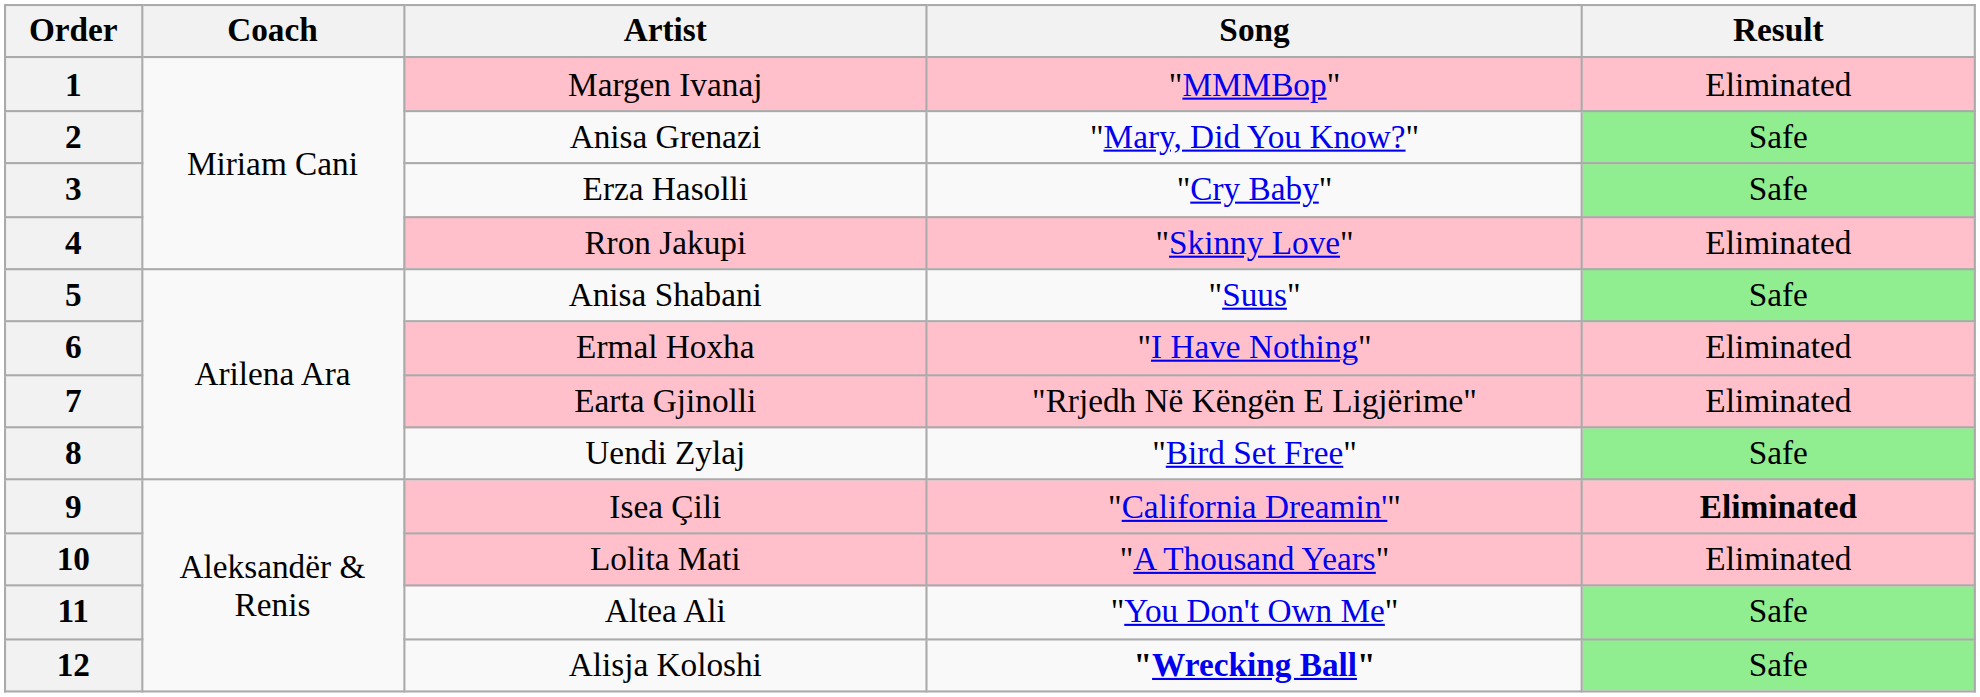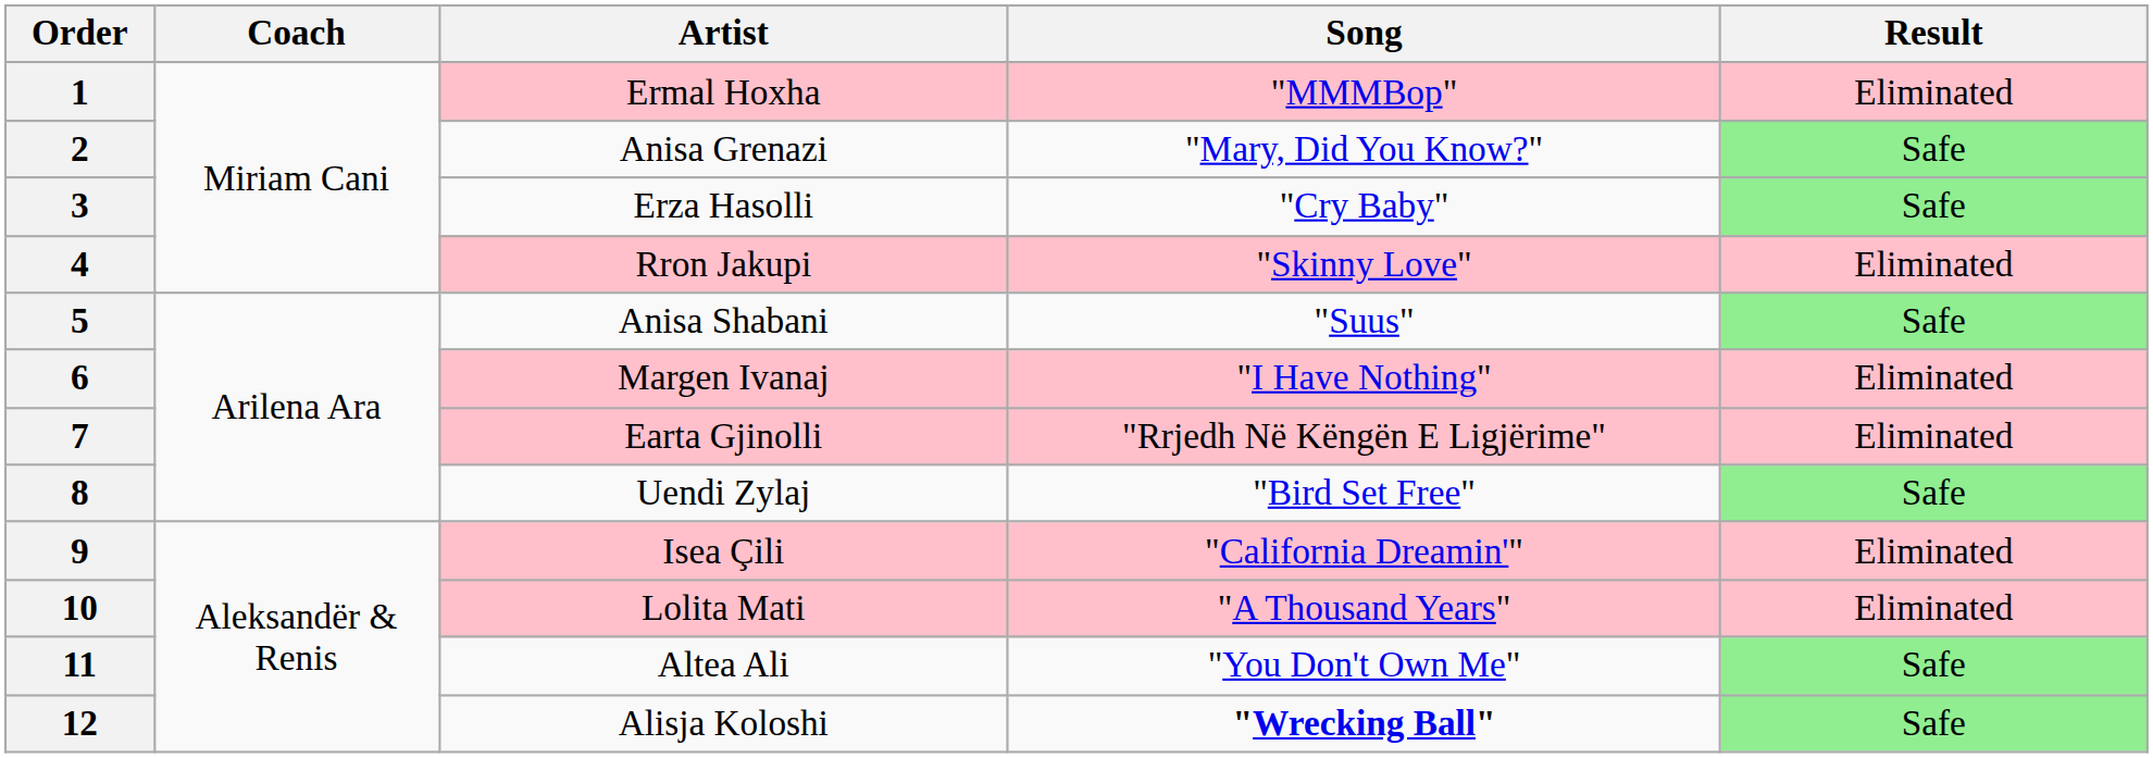 <table class="wikitable" style="text-align:center; width:75%;">
 <tr>
 <th width="05%">Order</th>
 <th width="10%">Coach</th>
 <th width="20%">Artist</th>
 <th width="25%">Song</th>
 <th width="15%">Result</th>
 </tr>
 <tr>
 <th>1</th>
 <td rowspan="4">Miriam Cani</td>
-<td style="background-color:pink;">Margen Ivanaj</td>
+<td style="background-color:pink;">Ermal Hoxha</td>
 <td style="background-color:pink;">"<a href='#'>MMMBop</a>"</td>
 <td style="background-color:pink;">Eliminated</td>
 </tr>
 <tr>
 <th>2</th>
 <td>Anisa Grenazi</td>
 <td>"<a href='#'>Mary, Did You Know?</a>"</td>
 <td style="background-color:lightgreen;">Safe</td>
 </tr>
 <tr>
 <th>3</th>
 <td>Erza Hasolli</td>
 <td>"<a href='#'>Cry Baby</a>"</td>
 <td style="background-color:lightgreen;">Safe</td>
 </tr>
 <tr>
 <th>4</th>
 <td style="background-color:pink;">Rron Jakupi</td>
 <td style="background-color:pink;">"<a href='#'>Skinny Love</a>"</td>
 <td style="background-color:pink;">Eliminated</td>
 </tr>
 <tr>
 <th>5</th>
 <td rowspan="4">Arilena Ara</td>
 <td>Anisa Shabani</td>
 <td>"<a href='#'>Suus</a>"</td>
 <td style="background-color:lightgreen;">Safe</td>
 </tr>
 <tr>
 <th>6</th>
-<td style="background-color:pink;">Ermal Hoxha</td>
+<td style="background-color:pink;">Margen Ivanaj</td>
 <td style="background-color:pink;">"<a href='#'>I Have Nothing</a>"</td>
 <td style="background-color:pink;">Eliminated</td>
 </tr>
 <tr>
 <th>7</th>
 <td style="background-color:pink;">Earta Gjinolli</td>
 <td style="background-color:pink;">"Rrjedh Në Këngën E Ligjërime"</td>
 <td style="background-color:pink;">Eliminated</td>
 </tr>
 <tr>
 <th>8</th>
 <td>Uendi Zylaj</td>
 <td>"<a href='#'>Bird Set Free</a>"</td>
 <td style="background-color:lightgreen;">Safe</td>
 </tr>
 <tr>
 <th>9</th>
 <td rowspan="4">Aleksandër & Renis</td>
 <td style="background-color:pink;">Isea Çili</td>
 <td style="background-color:pink;">"<a href='#'>California Dreamin'</a>"</td>
-<td style="background-color:pink;"><strong>Eliminated</strong></td>
+<td style="background-color:pink;">Eliminated</td>
 </tr>
 <tr>
 <th>10</th>
 <td style="background-color:pink;">Lolita Mati</td>
 <td style="background-color:pink;">"<a href='#'>A Thousand Years</a>"</td>
 <td style="background-color:pink;">Eliminated</td>
 </tr>
 <tr>
 <th>11</th>
 <td>Altea Ali</td>
 <td>"<a href='#'>You Don't Own Me</a>"</td>
 <td style="background-color:lightgreen;">Safe</td>
 </tr>
 <tr>
 <th>12</th>
 <td>Alisja Koloshi</td>
 <td><strong>"<a href='#'>Wrecking Ball</a>"</strong></td>
 <td style="background-color:lightgreen;">Safe</td>
 </tr>
 </table>
